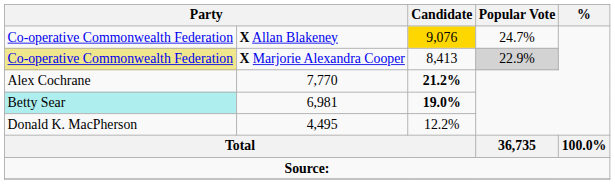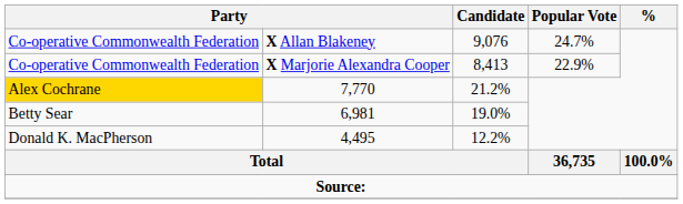 <table class="wikitable">
 <tr>
 <th colspan="2">Party</th>
 <th>Candidate</th>
 <th>Popular Vote</th>
 <th>%</th>
 </tr>
 <tr>
 <td><a href='#'>Co-operative Commonwealth Federation</a></td>
 <td> <strong>X</strong> <a href='#'>Allan Blakeney</a></td>
-<td align=center style="background: gold;">9,076</td>
+<td align=center>9,076</td>
 <td align=center>24.7%</td>
 </tr>
 <tr>
-<td style="background: khaki;"><a href='#'>Co-operative Commonwealth Federation</a></td>
+<td><a href='#'>Co-operative Commonwealth Federation</a></td>
 <td> <strong>X</strong> <a href='#'>Marjorie Alexandra Cooper</a></td>
 <td align=center>8,413</td>
-<td align=center style="background: lightgrey;">22.9%</td>
+<td align=center>22.9%</td>
 </tr>
 <tr>
-<td>Alex Cochrane</td>
+<td style="background: gold;">Alex Cochrane</td>
 <td align=center>7,770</td>
-<td align=center><strong>21.2%</strong></td>
+<td align=center>21.2%</td>
 </tr>
 <tr>
-<td style="background: paleturquoise;">Betty Sear</td>
+<td>Betty Sear</td>
 <td align=center>6,981</td>
-<td align=center><strong>19.0%</strong></td>
+<td align=center>19.0%</td>
 </tr>
 <tr>
 <td>Donald K. MacPherson</td>
 <td align=center>4,495</td>
 <td align=center>12.2%</td>
 </tr>
 <tr>
 <th colspan=3>Total</th>
 <th>36,735</th>
 <th>100.0%</th>
 </tr>
 <tr>
 <td align="center" colspan=5><strong>Source:</strong> </td>
 </tr>
 <tr>
 </tr>
 </table>
